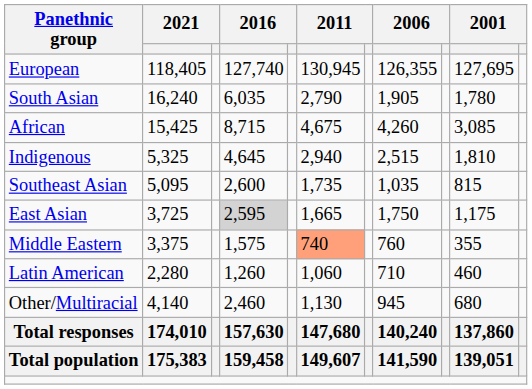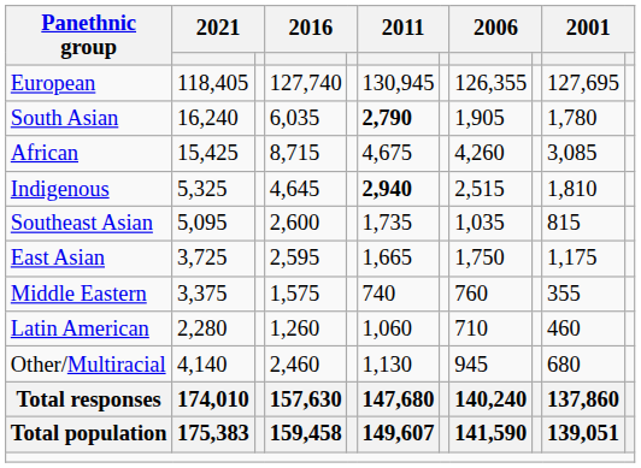 <table class="wikitable collapsible sortable">
 <tr>
 <th rowspan="2"><a href='#'>Panethnic</a><br>group</th>
 <th colspan="2">2021</th>
 <th colspan="2">2016</th>
 <th colspan="2">2011</th>
 <th colspan="2">2006</th>
 <th colspan="2">2001</th>
 </tr>
 <tr>
 <th><a href='#'></a></th>
 <th></th>
 <th></th>
 <th></th>
 <th></th>
 <th></th>
 <th></th>
 <th></th>
 <th></th>
 <th></th>
 </tr>
 <tr>
 <td><a href='#'>European</a></td>
 <td>118,405</td>
 <td></td>
 <td>127,740</td>
 <td></td>
 <td>130,945</td>
 <td></td>
 <td>126,355</td>
 <td></td>
 <td>127,695</td>
 <td></td>
 </tr>
 <tr>
 <td><a href='#'>South Asian</a></td>
 <td>16,240</td>
 <td></td>
 <td>6,035</td>
 <td></td>
-<td>2,790</td>
+<td><strong>2,790</strong></td>
 <td></td>
 <td>1,905</td>
 <td></td>
 <td>1,780</td>
 <td></td>
 </tr>
 <tr>
 <td><a href='#'>African</a></td>
 <td>15,425</td>
 <td></td>
 <td>8,715</td>
 <td></td>
 <td>4,675</td>
 <td></td>
 <td>4,260</td>
 <td></td>
 <td>3,085</td>
 <td></td>
 </tr>
 <tr>
 <td><a href='#'>Indigenous</a></td>
 <td>5,325</td>
 <td></td>
 <td>4,645</td>
 <td></td>
-<td>2,940</td>
+<td><strong>2,940</strong></td>
 <td></td>
 <td>2,515</td>
 <td></td>
 <td>1,810</td>
 <td></td>
 </tr>
 <tr>
 <td><a href='#'>Southeast Asian</a></td>
 <td>5,095</td>
 <td></td>
 <td>2,600</td>
 <td></td>
 <td>1,735</td>
 <td></td>
 <td>1,035</td>
 <td></td>
 <td>815</td>
 <td></td>
 </tr>
 <tr>
 <td><a href='#'>East Asian</a></td>
 <td>3,725</td>
 <td></td>
-<td style="background: lightgrey;">2,595</td>
+<td>2,595</td>
 <td></td>
 <td>1,665</td>
 <td></td>
 <td>1,750</td>
 <td></td>
 <td>1,175</td>
 <td></td>
 </tr>
 <tr>
 <td><a href='#'>Middle Eastern</a></td>
 <td>3,375</td>
 <td></td>
 <td>1,575</td>
 <td></td>
-<td style="background: lightsalmon;">740</td>
+<td>740</td>
 <td></td>
 <td>760</td>
 <td></td>
 <td>355</td>
 <td></td>
 </tr>
 <tr>
 <td><a href='#'>Latin American</a></td>
 <td>2,280</td>
 <td></td>
 <td>1,260</td>
 <td></td>
 <td>1,060</td>
 <td></td>
 <td>710</td>
 <td></td>
 <td>460</td>
 <td></td>
 </tr>
 <tr>
 <td>Other/<a href='#'>Multiracial</a></td>
 <td>4,140</td>
 <td></td>
 <td>2,460</td>
 <td></td>
 <td>1,130</td>
 <td></td>
 <td>945</td>
 <td></td>
 <td>680</td>
 <td></td>
 </tr>
 <tr>
 <th>Total responses</th>
 <th>174,010</th>
 <th></th>
 <th>157,630</th>
 <th></th>
 <th>147,680</th>
 <th></th>
 <th>140,240</th>
 <th></th>
 <th>137,860</th>
 <th></th>
 </tr>
 <tr>
 <th>Total population</th>
 <th>175,383</th>
 <th></th>
 <th>159,458</th>
 <th></th>
 <th>149,607</th>
 <th></th>
 <th>141,590</th>
 <th></th>
 <th>139,051</th>
 <th></th>
 </tr>
 <tr class="sortbottom">
 <td colspan="15"></td>
 </tr>
 </table>
